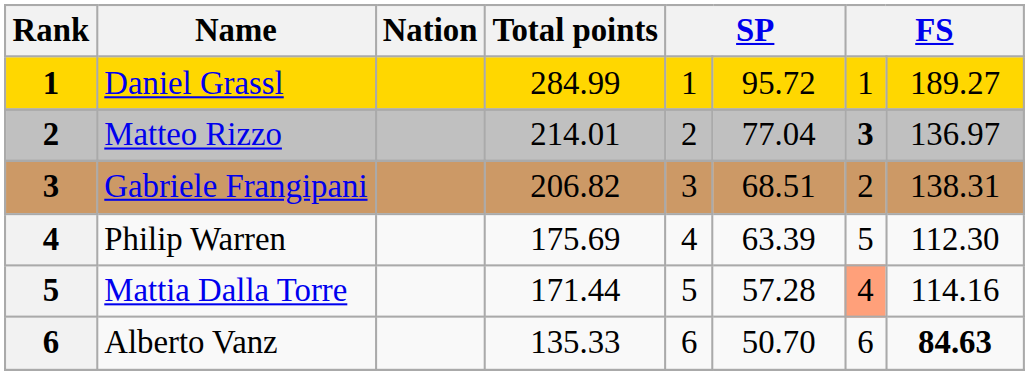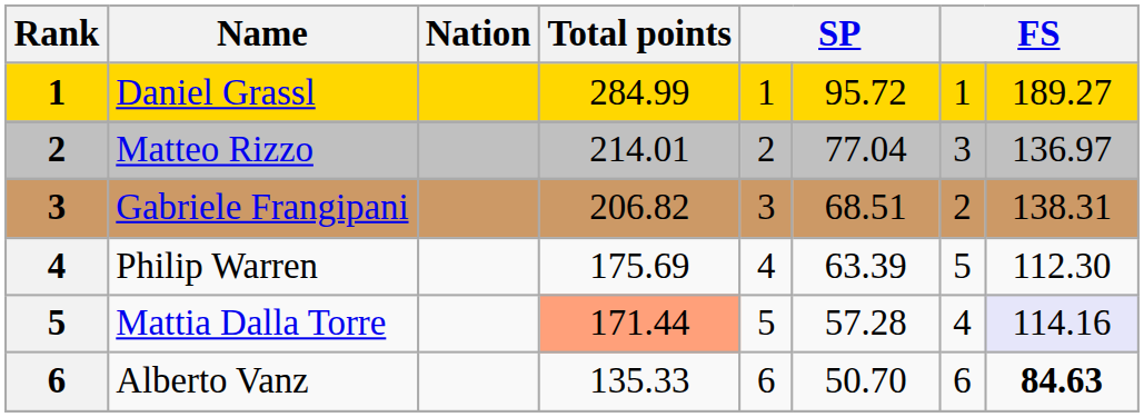 <table class="wikitable sortable">
 <tr>
 <th>Rank</th>
 <th>Name</th>
 <th>Nation</th>
 <th>Total points</th>
 <th colspan="2" width="80px"><a href='#'>SP</a></th>
 <th colspan="2" width="80px"><a href='#'>FS</a></th>
 </tr>
 <tr bgcolor="gold">
 <td align="center"><strong>1</strong></td>
 <td><a href='#'>Daniel Grassl</a></td>
 <td></td>
 <td align="center">284.99</td>
 <td align="center">1</td>
 <td align="center">95.72</td>
 <td align="center">1</td>
 <td align="center">189.27</td>
 </tr>
 <tr>
 </tr>
 <tr bgcolor="silver">
 <td align="center"><strong>2</strong></td>
 <td><a href='#'>Matteo Rizzo</a></td>
 <td></td>
 <td align="center">214.01</td>
 <td align="center">2</td>
 <td align="center">77.04</td>
-<td align="center"><strong>3</strong></td>
+<td align="center">3</td>
 <td align="center">136.97</td>
 </tr>
 <tr>
 </tr>
 <tr bgcolor="cc9966">
 <td align="center"><strong>3</strong></td>
 <td><a href='#'>Gabriele Frangipani</a></td>
 <td></td>
 <td align="center">206.82</td>
 <td align="center">3</td>
 <td align="center">68.51</td>
 <td align="center">2</td>
 <td align="center">138.31</td>
 </tr>
 <tr>
 <th>4</th>
 <td>Philip Warren</td>
 <td></td>
 <td align="center">175.69</td>
 <td align="center">4</td>
 <td align="center">63.39</td>
 <td align="center">5</td>
 <td align="center">112.30</td>
 </tr>
 <tr>
 <th>5</th>
 <td><a href='#'>Mattia Dalla Torre</a></td>
 <td></td>
-<td align="center">171.44</td>
+<td align="center" style="background: lightsalmon;">171.44</td>
 <td align="center">5</td>
 <td align="center">57.28</td>
-<td align="center" style="background: lightsalmon;">4</td>
-<td align="center">114.16</td>
+<td align="center">4</td>
+<td align="center" style="background: lavender;">114.16</td>
 </tr>
 <tr>
 <th>6</th>
 <td>Alberto Vanz</td>
 <td></td>
 <td align="center">135.33</td>
 <td align="center">6</td>
 <td align="center">50.70</td>
 <td align="center">6</td>
 <td align="center"><strong>84.63</strong></td>
 </tr>
 <tr>
 </tr>
 </table>
